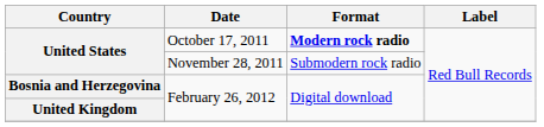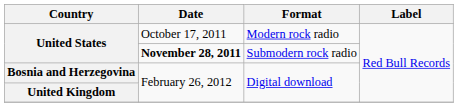 <table class="wikitable plainrowheaders">
 <tr>
 <th scope="col">Country</th>
 <th scope="col">Date</th>
 <th scope="col">Format</th>
 <th scope="col">Label</th>
 </tr>
 <tr>
 <th scope="row" rowspan="2">United States</th>
 <td>October 17, 2011</td>
-<td><strong><a href='#'>Modern rock</a> radio</strong></td>
+<td><a href='#'>Modern rock</a> radio</td>
 <td rowspan="4"><a href='#'>Red Bull Records</a></td>
 </tr>
 <tr>
-<td>November 28, 2011</td>
+<td><strong>November 28, 2011</strong></td>
 <td><a href='#'>Submodern rock</a> radio</td>
 </tr>
 <tr>
 <th scope="row">Bosnia and Herzegovina</th>
 <td rowspan="2">February 26, 2012</td>
 <td rowspan="2"><a href='#'>Digital download</a></td>
 </tr>
 <tr>
 <th scope="row">United Kingdom</th>
 </tr>
 <tr>
 </tr>
 </table>
